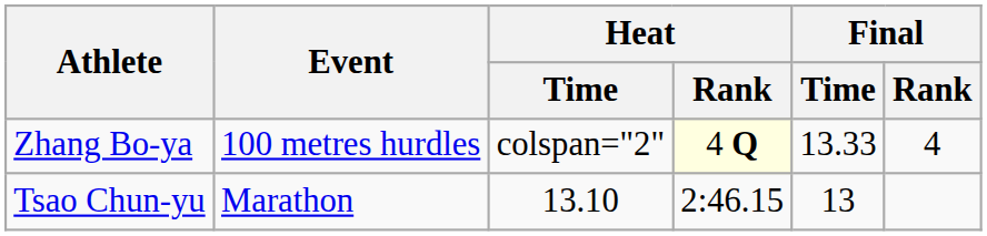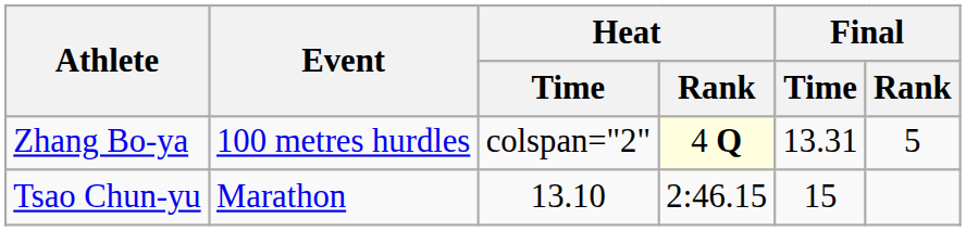 <table class="wikitable" style="font-size:90%; text-align:center">
 <tr>
 <th rowspan="2">Athlete</th>
 <th rowspan="2">Event</th>
 <th colspan="2">Heat</th>
 <th colspan="2">Final</th>
 </tr>
 <tr>
 <th>Time</th>
 <th>Rank</th>
 <th>Time</th>
 <th>Rank</th>
 </tr>
 <tr>
 <td align="left"><a href='#'>Zhang Bo-ya</a></td>
 <td align="left"><a href='#'>100 metres hurdles</a></td>
 <td>colspan="2" </td>
 <td style="background: lightyellow;">4 <strong>Q</strong></td>
-<td>13.33</td>
-<td>4</td>
+<td>13.31</td>
+<td>5</td>
 </tr>
 <tr>
 <td align="left"><a href='#'>Tsao Chun-yu</a></td>
 <td align="left"><a href='#'>Marathon</a></td>
 <td>13.10</td>
 <td>2:46.15</td>
-<td>13</td>
+<td>15</td>
 </tr>
 </table>
